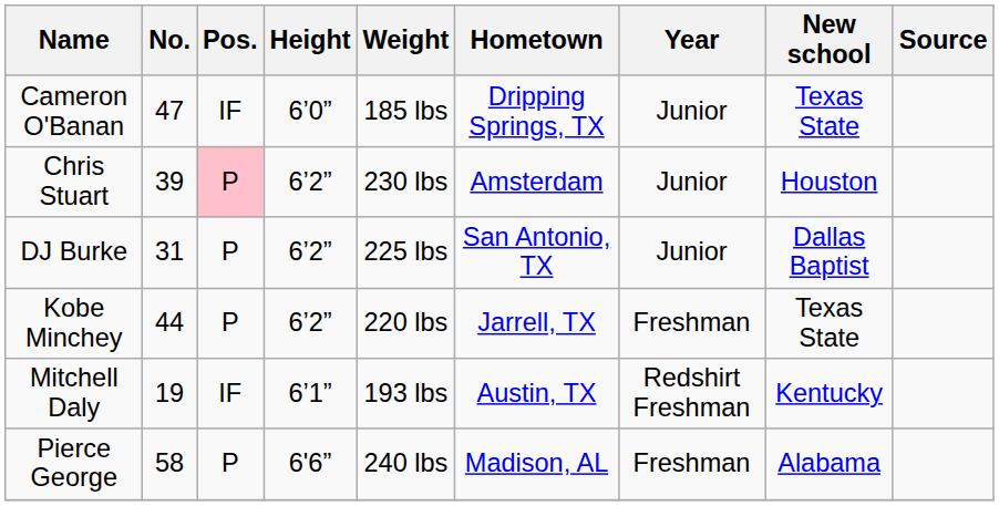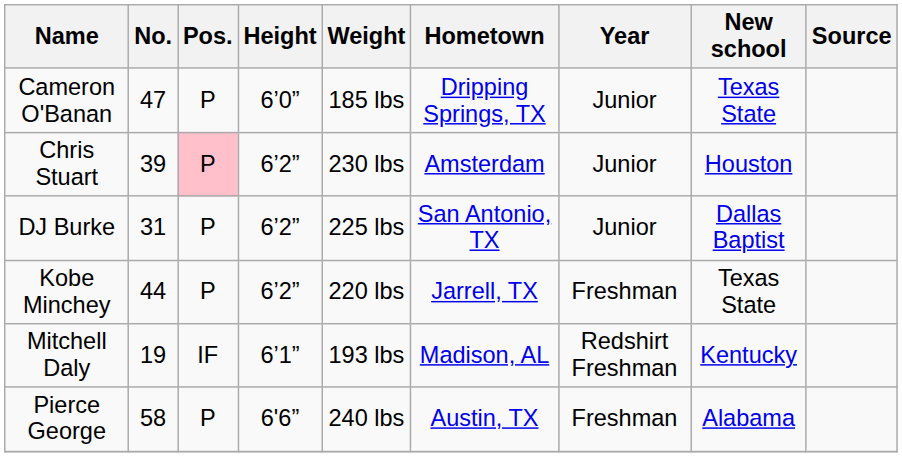 <table class="wikitable sortable">
 <tr>
 <th style="text-align:center; ">Name</th>
 <th style="text-align:center; ">No.</th>
 <th style="text-align:center; ">Pos.</th>
 <th style="text-align:center; ">Height</th>
 <th style="text-align:center; ">Weight</th>
 <th style="text-align:center; ">Hometown</th>
 <th style="text-align:center; ">Year</th>
 <th style="text-align:center; ">New school</th>
 <th style="text-align:center; ">Source</th>
 </tr>
 <tr align="center">
 <td>Cameron O'Banan</td>
 <td>47</td>
-<td>IF</td>
+<td>P</td>
 <td>6’0”</td>
 <td>185 lbs</td>
 <td><a href='#'>Dripping Springs, TX</a></td>
 <td>Junior</td>
 <td><a href='#'>Texas State</a></td>
 <td></td>
 </tr>
 <tr align="center">
 <td>Chris Stuart</td>
 <td>39</td>
 <td style="background: pink;">P</td>
 <td>6’2”</td>
 <td>230 lbs</td>
 <td><a href='#'>Amsterdam</a></td>
 <td>Junior</td>
 <td><a href='#'>Houston</a></td>
 <td></td>
 </tr>
 <tr align="center">
 <td>DJ Burke</td>
 <td>31</td>
 <td>P</td>
 <td>6’2”</td>
 <td>225 lbs</td>
 <td><a href='#'>San Antonio, TX</a></td>
 <td>Junior</td>
 <td><a href='#'>Dallas Baptist</a></td>
 <td></td>
 </tr>
 <tr align="center">
 <td>Kobe Minchey</td>
 <td>44</td>
 <td>P</td>
 <td>6’2”</td>
 <td>220 lbs</td>
 <td><a href='#'>Jarrell, TX</a></td>
 <td>Freshman</td>
 <td>Texas State</td>
 <td></td>
 </tr>
 <tr align="center">
 <td>Mitchell Daly</td>
 <td>19</td>
 <td>IF</td>
 <td>6’1”</td>
 <td>193 lbs</td>
-<td><a href='#'>Austin, TX</a></td>
+<td><a href='#'>Madison, AL</a></td>
 <td>Redshirt Freshman</td>
 <td><a href='#'>Kentucky</a></td>
 <td></td>
 </tr>
 <tr align="center">
 <td>Pierce George</td>
 <td>58</td>
 <td>P</td>
 <td>6'6”</td>
 <td>240 lbs</td>
-<td><a href='#'>Madison, AL</a></td>
+<td><a href='#'>Austin, TX</a></td>
 <td>Freshman</td>
 <td><a href='#'>Alabama</a></td>
 <td></td>
 </tr>
 <tr>
 </tr>
 </table>
